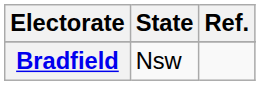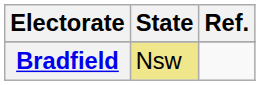 <table class="wikitable">
 <tr>
 <th>Electorate</th>
 <th>State</th>
 <th>Ref.</th>
 </tr>
 <tr>
 </tr>
 <tr>
 <th><a href='#'>Bradfield</a></th>
-<td>Nsw</td>
+<td style="background: khaki;">Nsw</td>
 <td></td>
 </tr>
 </table>
